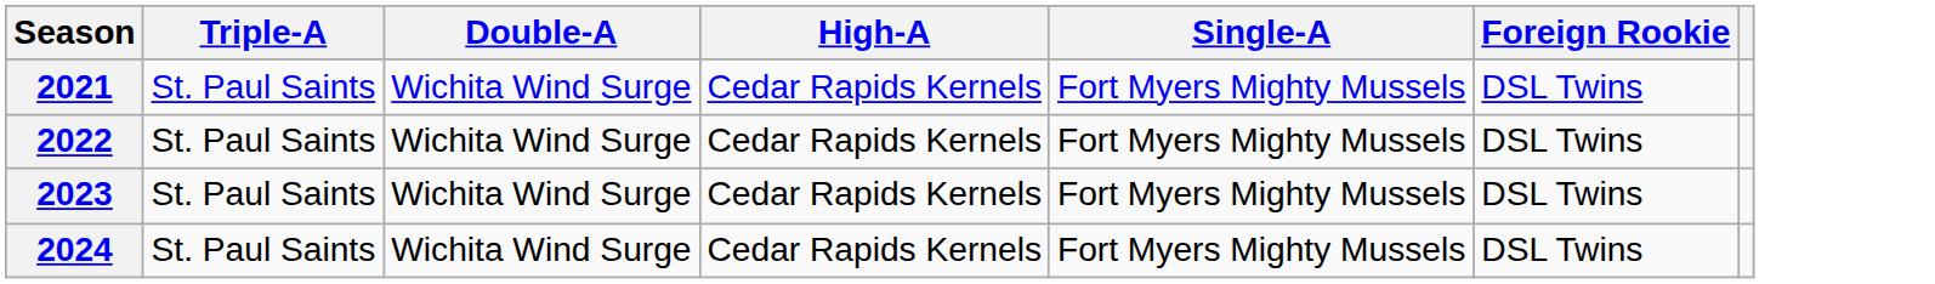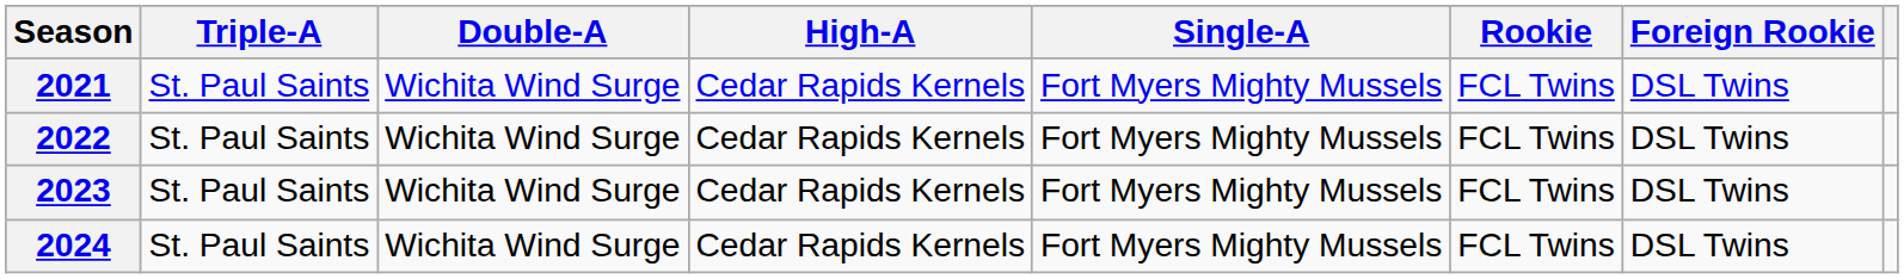 <table class="wikitable plainrowheaders">
 <tr>
 <th scope="col">Season</th>
 <th scope="col"><a href='#'><span>Triple-A</span></a></th>
 <th scope="col"><a href='#'><span>Double-A</span></a></th>
 <th scope="col"><a href='#'><span>High-A</span></a></th>
 <th scope="col"><a href='#'><span>Single-A</span></a></th>
+<th scope="col"><a href='#'><span>Rookie</span></a></th>
 <th scope="col"><a href='#'><span>Foreign Rookie</span></a></th>
 <th scope="col"></th>
 </tr>
 <tr>
 <th scope="row" style="text-align:center"><a href='#'>2021</a></th>
 <td><a href='#'>St. Paul Saints</a></td>
 <td><a href='#'>Wichita Wind Surge</a></td>
 <td><a href='#'>Cedar Rapids Kernels</a></td>
 <td><a href='#'>Fort Myers Mighty Mussels</a></td>
+<td><a href='#'>FCL Twins</a></td>
 <td><a href='#'>DSL Twins</a></td>
 <td align="center"></td>
 </tr>
 <tr>
 <th scope="row" style="text-align:center"><a href='#'>2022</a></th>
 <td>St. Paul Saints</td>
 <td>Wichita Wind Surge</td>
 <td>Cedar Rapids Kernels</td>
 <td>Fort Myers Mighty Mussels</td>
+<td>FCL Twins</td>
 <td>DSL Twins</td>
 <td align="center"></td>
 </tr>
 <tr>
 <th scope="row" style="text-align:center"><a href='#'>2023</a></th>
 <td>St. Paul Saints</td>
 <td>Wichita Wind Surge</td>
 <td>Cedar Rapids Kernels</td>
 <td>Fort Myers Mighty Mussels</td>
+<td>FCL Twins</td>
 <td>DSL Twins</td>
 <td align="center"></td>
 </tr>
 <tr>
 <th scope="row" style="text-align:center"><a href='#'>2024</a></th>
 <td>St. Paul Saints</td>
 <td>Wichita Wind Surge</td>
 <td>Cedar Rapids Kernels</td>
 <td>Fort Myers Mighty Mussels</td>
+<td>FCL Twins</td>
 <td>DSL Twins</td>
 <td align="center"></td>
 </tr>
 </table>
